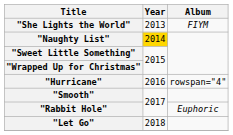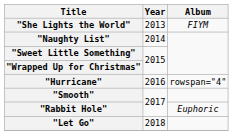 <table class="wikitable plainrowheaders"style="text-align:center;">
 <tr>
 <th scope="col">Title</th>
 <th scope="col">Year</th>
 <th scope="col">Album</th>
 </tr>
 <tr>
 <th scope="row">"She Lights the World"</th>
 <td>2013</td>
 <td><em>FIYM</em></td>
 </tr>
 <tr>
 <th scope="row">"Naughty List"</th>
-<td style="background: gold;">2014</td>
+<td>2014</td>
 </tr>
 <tr>
 <th scope="row">"Sweet Little Something"</th>
 <td rowspan="2">2015</td>
 </tr>
 <tr>
 <th scope="row">"Wrapped Up for Christmas"</th>
 </tr>
 <tr>
 <th scope="row">"Hurricane"</th>
 <td>2016</td>
 <td>rowspan="4" </td>
 </tr>
 <tr>
 <th scope="row">"Smooth"</th>
 <td rowspan="2">2017</td>
 <td></td>
 </tr>
 <tr>
 <th scope="row">"Rabbit Hole"</th>
 <td><em>Euphoric</em></td>
 </tr>
 <tr>
 <th scope="row">"Let Go"</th>
 <td>2018</td>
 <td></td>
 </tr>
 <tr>
 </tr>
 </table>
